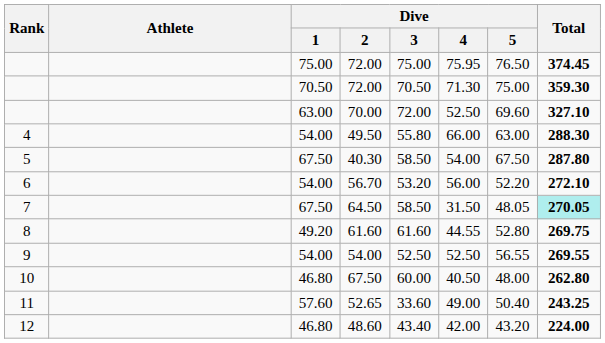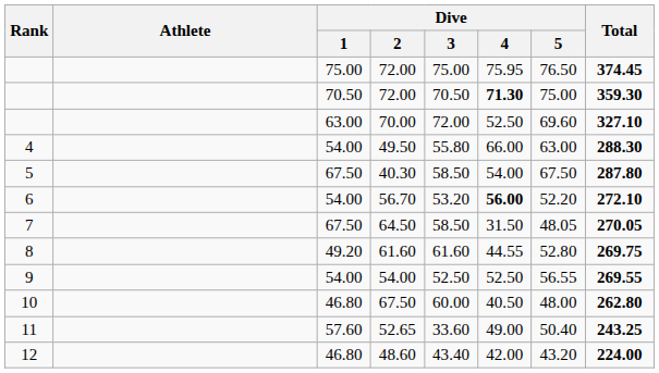 <table class=wikitable style="text-align:center">
 <tr>
 <th rowspan="2" width=40>Rank</th>
 <th rowspan="2" width=250>Athlete</th>
 <th colspan="5">Dive</th>
 <th rowspan="2" width=60>Total</th>
 </tr>
 <tr>
 <th width=45>1</th>
 <th width=45>2</th>
 <th width=45>3</th>
 <th width=45>4</th>
 <th width=45>5</th>
 </tr>
 <tr>
 <td></td>
 <td align=left></td>
 <td>75.00</td>
 <td>72.00</td>
 <td>75.00</td>
 <td>75.95</td>
 <td>76.50</td>
 <td><strong>374.45</strong></td>
 </tr>
 <tr>
 <td></td>
 <td align=left></td>
 <td>70.50</td>
 <td>72.00</td>
 <td>70.50</td>
-<td>71.30</td>
+<td><strong>71.30</strong></td>
 <td>75.00</td>
 <td><strong>359.30</strong></td>
 </tr>
 <tr>
 <td></td>
 <td align=left></td>
 <td>63.00</td>
 <td>70.00</td>
 <td>72.00</td>
 <td>52.50</td>
 <td>69.60</td>
 <td><strong>327.10</strong></td>
 </tr>
 <tr>
 <td>4</td>
 <td align=left></td>
 <td>54.00</td>
 <td>49.50</td>
 <td>55.80</td>
 <td>66.00</td>
 <td>63.00</td>
 <td><strong>288.30</strong></td>
 </tr>
 <tr>
 <td>5</td>
 <td align=left></td>
 <td>67.50</td>
 <td>40.30</td>
 <td>58.50</td>
 <td>54.00</td>
 <td>67.50</td>
 <td><strong>287.80</strong></td>
 </tr>
 <tr>
 <td>6</td>
 <td align=left></td>
 <td>54.00</td>
 <td>56.70</td>
 <td>53.20</td>
-<td>56.00</td>
+<td><strong>56.00</strong></td>
 <td>52.20</td>
 <td><strong>272.10</strong></td>
 </tr>
 <tr>
 <td>7</td>
 <td align=left></td>
 <td>67.50</td>
 <td>64.50</td>
 <td>58.50</td>
 <td>31.50</td>
 <td>48.05</td>
-<td style="background: paleturquoise;"><strong>270.05</strong></td>
+<td><strong>270.05</strong></td>
 </tr>
 <tr>
 <td>8</td>
 <td align=left></td>
 <td>49.20</td>
 <td>61.60</td>
 <td>61.60</td>
 <td>44.55</td>
 <td>52.80</td>
 <td><strong>269.75</strong></td>
 </tr>
 <tr>
 <td>9</td>
 <td align=left></td>
 <td>54.00</td>
 <td>54.00</td>
 <td>52.50</td>
 <td>52.50</td>
 <td>56.55</td>
 <td><strong>269.55</strong></td>
 </tr>
 <tr>
 <td>10</td>
 <td align=left></td>
 <td>46.80</td>
 <td>67.50</td>
 <td>60.00</td>
 <td>40.50</td>
 <td>48.00</td>
 <td><strong>262.80</strong></td>
 </tr>
 <tr>
 <td>11</td>
 <td align=left></td>
 <td>57.60</td>
 <td>52.65</td>
 <td>33.60</td>
 <td>49.00</td>
 <td>50.40</td>
 <td><strong>243.25</strong></td>
 </tr>
 <tr>
 <td>12</td>
 <td align=left></td>
 <td>46.80</td>
 <td>48.60</td>
 <td>43.40</td>
 <td>42.00</td>
 <td>43.20</td>
 <td><strong>224.00</strong></td>
 </tr>
 </table>
